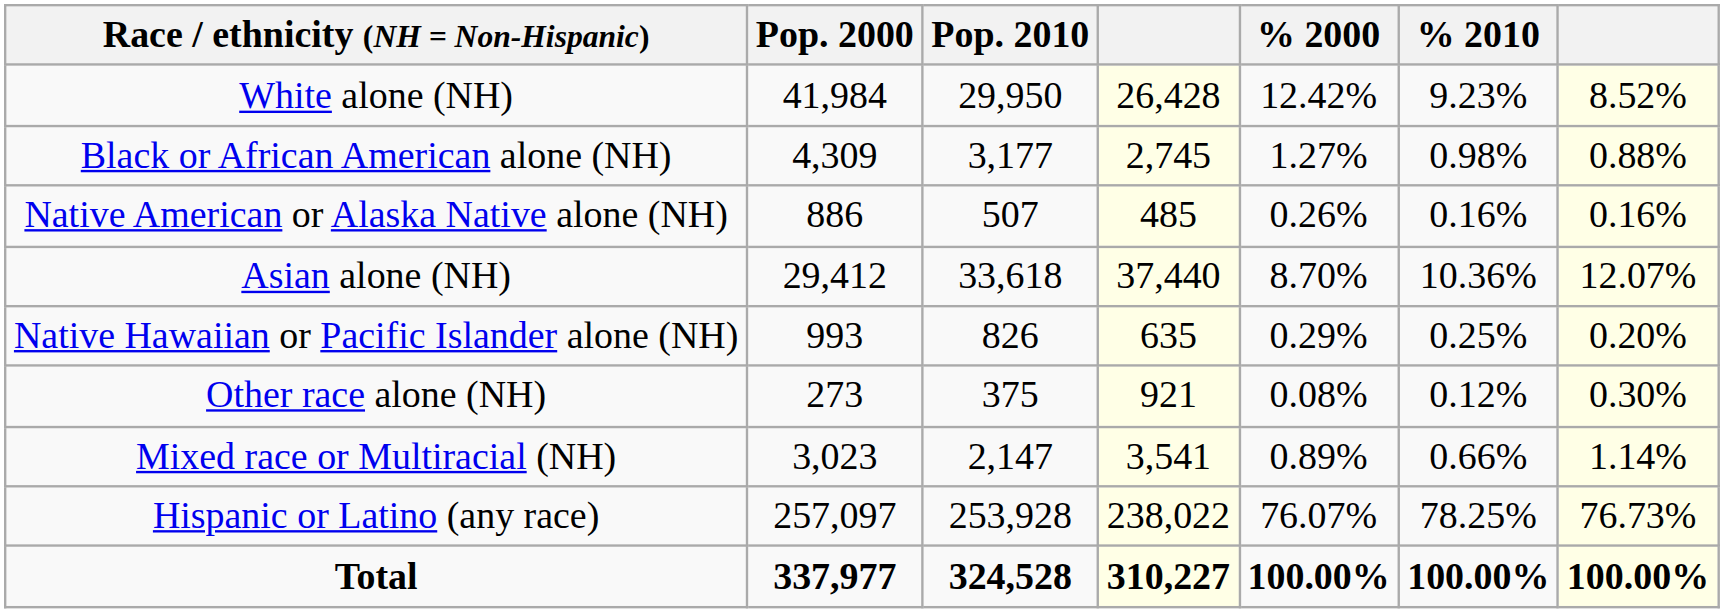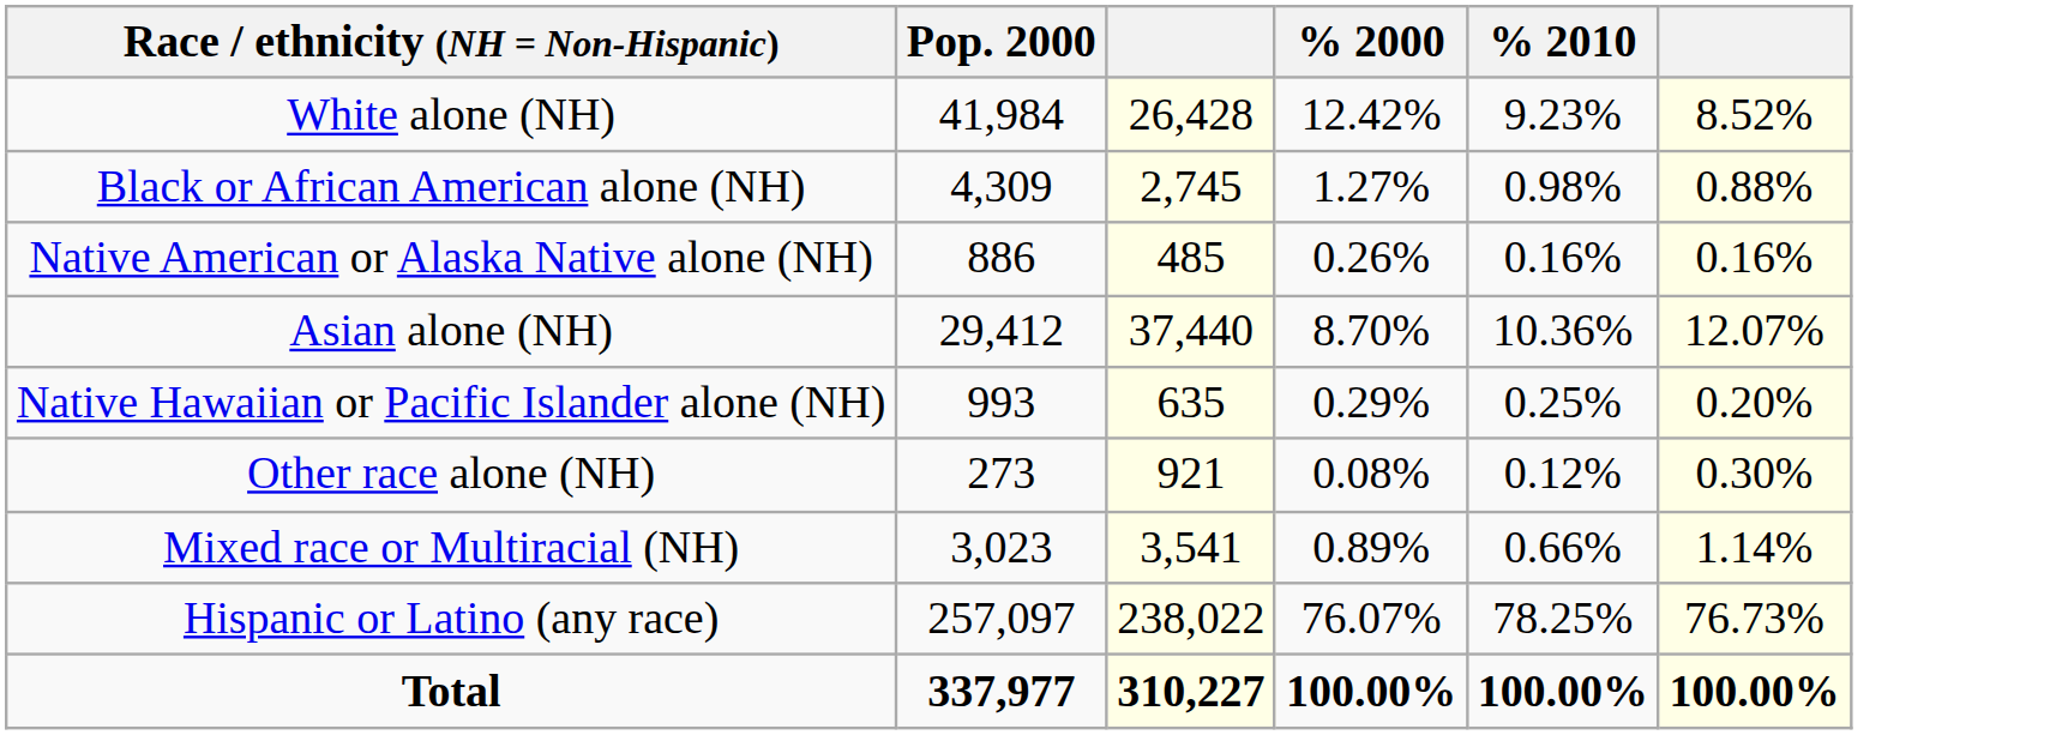 <table class="wikitable" style="text-align:center;">
 <tr>
 <th>Race / ethnicity <small>(<em>NH = Non-Hispanic</em>)</small></th>
 <th>Pop. 2000</th>
-<th>Pop. 2010</th>
 <th></th>
 <th>% 2000</th>
 <th>% 2010</th>
 <th></th>
 </tr>
 <tr>
 <td><a href='#'>White</a> alone (NH)</td>
 <td>41,984</td>
-<td>29,950</td>
 <td style='background: #ffffe6;'>26,428</td>
 <td>12.42%</td>
 <td>9.23%</td>
 <td style='background: #ffffe6;'>8.52%</td>
 </tr>
 <tr>
 <td><a href='#'>Black or African American</a> alone (NH)</td>
 <td>4,309</td>
-<td>3,177</td>
 <td style='background: #ffffe6;'>2,745</td>
 <td>1.27%</td>
 <td>0.98%</td>
 <td style='background: #ffffe6;'>0.88%</td>
 </tr>
 <tr>
 <td><a href='#'>Native American</a> or <a href='#'>Alaska Native</a> alone (NH)</td>
 <td>886</td>
-<td>507</td>
 <td style='background: #ffffe6;'>485</td>
 <td>0.26%</td>
 <td>0.16%</td>
 <td style='background: #ffffe6;'>0.16%</td>
 </tr>
 <tr>
 <td><a href='#'>Asian</a> alone (NH)</td>
 <td>29,412</td>
-<td>33,618</td>
 <td style='background: #ffffe6;'>37,440</td>
 <td>8.70%</td>
 <td>10.36%</td>
 <td style='background: #ffffe6;'>12.07%</td>
 </tr>
 <tr>
 <td><a href='#'>Native Hawaiian</a> or <a href='#'>Pacific Islander</a> alone (NH)</td>
 <td>993</td>
-<td>826</td>
 <td style='background: #ffffe6;'>635</td>
 <td>0.29%</td>
 <td>0.25%</td>
 <td style='background: #ffffe6;'>0.20%</td>
 </tr>
 <tr>
 <td><a href='#'>Other race</a> alone (NH)</td>
 <td>273</td>
-<td>375</td>
 <td style='background: #ffffe6;'>921</td>
 <td>0.08%</td>
 <td>0.12%</td>
 <td style='background: #ffffe6;'>0.30%</td>
 </tr>
 <tr>
 <td><a href='#'>Mixed race or Multiracial</a> (NH)</td>
 <td>3,023</td>
-<td>2,147</td>
 <td style='background: #ffffe6;'>3,541</td>
 <td>0.89%</td>
 <td>0.66%</td>
 <td style='background: #ffffe6;'>1.14%</td>
 </tr>
 <tr>
 <td><a href='#'>Hispanic or Latino</a> (any race)</td>
 <td>257,097</td>
-<td>253,928</td>
 <td style='background: #ffffe6;'>238,022</td>
 <td>76.07%</td>
 <td>78.25%</td>
 <td style='background: #ffffe6;'>76.73%</td>
 </tr>
 <tr>
 <td><strong>Total</strong></td>
 <td><strong>337,977</strong></td>
-<td><strong>324,528</strong></td>
 <td style='background: #ffffe6;'><strong>310,227</strong></td>
 <td><strong>100.00%</strong></td>
 <td><strong>100.00%</strong></td>
 <td style='background: #ffffe6;'><strong>100.00%</strong></td>
 </tr>
 </table>
